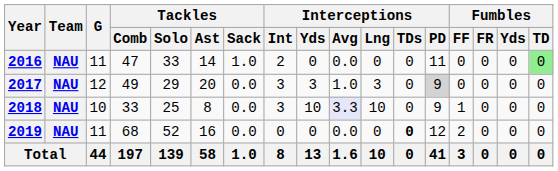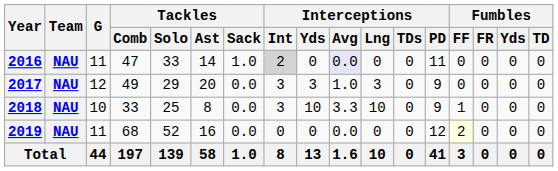 <table class="wikitable" style="text-align: center;">
 <tr>
 <th rowspan=2>Year</th>
 <th rowspan=2>Team</th>
 <th rowspan=2>G</th>
 <th colspan=4>Tackles</th>
 <th colspan=6>Interceptions</th>
 <th colspan=4>Fumbles</th>
 </tr>
 <tr>
 <th>Comb</th>
 <th>Solo</th>
 <th>Ast</th>
 <th>Sack</th>
 <th>Int</th>
 <th>Yds</th>
 <th>Avg</th>
 <th>Lng</th>
 <th>TDs</th>
 <th>PD</th>
 <th>FF</th>
 <th>FR</th>
 <th>Yds</th>
 <th>TD</th>
 </tr>
 <tr>
 <th><a href='#'>2016</a></th>
 <th><a href='#'>NAU</a></th>
 <td>11</td>
 <td>47</td>
 <td>33</td>
 <td>14</td>
 <td>1.0</td>
-<td>2</td>
+<td style="background: lightgrey;">2</td>
 <td>0</td>
-<td>0.0</td>
+<td style="background: lavender;">0.0</td>
 <td>0</td>
 <td>0</td>
 <td>11</td>
 <td>0</td>
 <td>0</td>
 <td>0</td>
-<td style="background: lightgreen;">0</td>
+<td>0</td>
 </tr>
 <tr>
 <th><a href='#'>2017</a></th>
 <th><a href='#'>NAU</a></th>
 <td>12</td>
 <td>49</td>
 <td>29</td>
 <td>20</td>
 <td>0.0</td>
 <td>3</td>
 <td>3</td>
 <td>1.0</td>
 <td>3</td>
 <td>0</td>
-<td style="background: lightgrey;">9</td>
+<td>9</td>
 <td>0</td>
 <td>0</td>
 <td>0</td>
 <td>0</td>
 </tr>
 <tr>
 <th><a href='#'>2018</a></th>
 <th><a href='#'>NAU</a></th>
 <td>10</td>
 <td>33</td>
 <td>25</td>
 <td>8</td>
 <td>0.0</td>
 <td>3</td>
 <td>10</td>
-<td style="background: lavender;">3.3</td>
+<td>3.3</td>
 <td>10</td>
 <td>0</td>
 <td>9</td>
 <td>1</td>
 <td>0</td>
 <td>0</td>
 <td>0</td>
 </tr>
 <tr>
 <th><a href='#'>2019</a></th>
 <th><a href='#'>NAU</a></th>
 <td>11</td>
 <td>68</td>
 <td>52</td>
 <td>16</td>
 <td>0.0</td>
 <td>0</td>
 <td>0</td>
 <td>0.0</td>
 <td>0</td>
-<td><strong>0</strong></td>
+<td>0</td>
 <td>12</td>
-<td>2</td>
+<td style="background: lightyellow;">2</td>
 <td>0</td>
 <td>0</td>
 <td>0</td>
 </tr>
 <tr>
 <th colspan=2>Total</th>
 <th>44</th>
 <th>197</th>
 <th>139</th>
 <th>58</th>
 <th>1.0</th>
 <th>8</th>
 <th>13</th>
 <th>1.6</th>
 <th>10</th>
 <th>0</th>
 <th>41</th>
 <th>3</th>
 <th>0</th>
 <th>0</th>
 <th>0</th>
 </tr>
 </table>
